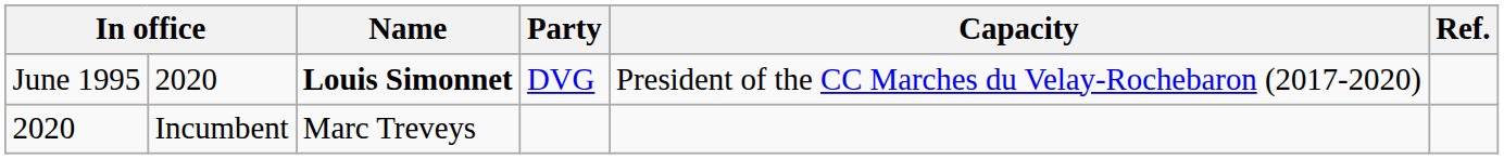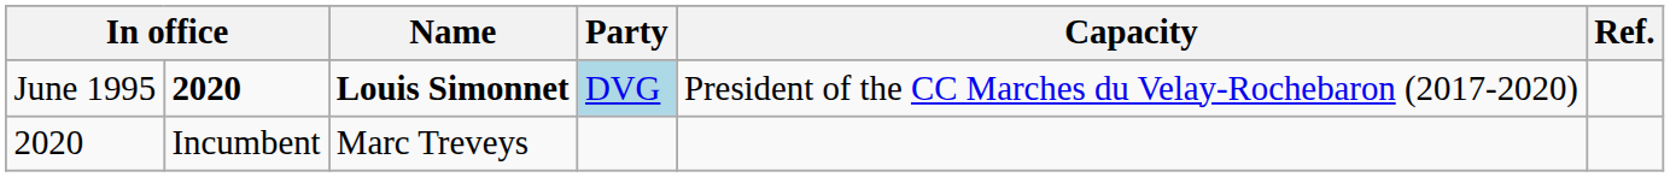 <table class="wikitable">
 <tr>
 <th colspan="2">In office</th>
 <th>Name</th>
 <th>Party</th>
 <th>Capacity</th>
 <th>Ref.</th>
 </tr>
 <tr>
 <td>June 1995</td>
-<td>2020</td>
+<td><strong>2020</strong></td>
 <td><strong>Louis Simonnet</strong></td>
-<td><a href='#'>DVG</a></td>
+<td style="background: lightblue;"><a href='#'>DVG</a></td>
 <td>President of the <a href='#'>CC Marches du Velay-Rochebaron</a> (2017-2020)</td>
 <td></td>
 </tr>
 <tr>
 <td>2020</td>
 <td>Incumbent</td>
 <td>Marc Treveys</td>
 <td></td>
 <td></td>
 <td></td>
 </tr>
 </table>
